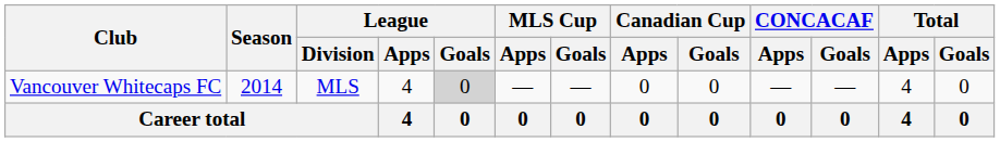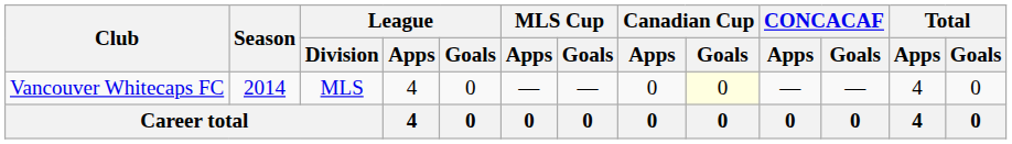 <table class="wikitable" style="text-align: center;">
 <tr>
 <th rowspan="2">Club</th>
 <th rowspan="2">Season</th>
 <th colspan="3">League</th>
 <th colspan="2">MLS Cup</th>
 <th colspan="2">Canadian Cup</th>
 <th colspan="2"><a href='#'>CONCACAF</a></th>
 <th colspan="2">Total</th>
 </tr>
 <tr>
 <th>Division</th>
 <th>Apps</th>
 <th>Goals</th>
 <th>Apps</th>
 <th>Goals</th>
 <th>Apps</th>
 <th>Goals</th>
 <th>Apps</th>
 <th>Goals</th>
 <th>Apps</th>
 <th>Goals</th>
 </tr>
 <tr>
 <td rowspan="1"><a href='#'>Vancouver Whitecaps FC</a></td>
 <td><a href='#'>2014</a></td>
 <td><a href='#'>MLS</a></td>
 <td>4</td>
-<td style="background: lightgrey;">0</td>
+<td>0</td>
 <td>—</td>
 <td>—</td>
 <td>0</td>
-<td>0</td>
+<td style="background: lightyellow;">0</td>
 <td>—</td>
 <td>—</td>
 <td>4</td>
 <td>0</td>
 </tr>
 <tr>
 <th colspan="3">Career total</th>
 <th>4</th>
 <th>0</th>
 <th>0</th>
 <th>0</th>
 <th>0</th>
 <th>0</th>
 <th>0</th>
 <th>0</th>
 <th>4</th>
 <th>0</th>
 </tr>
 </table>
